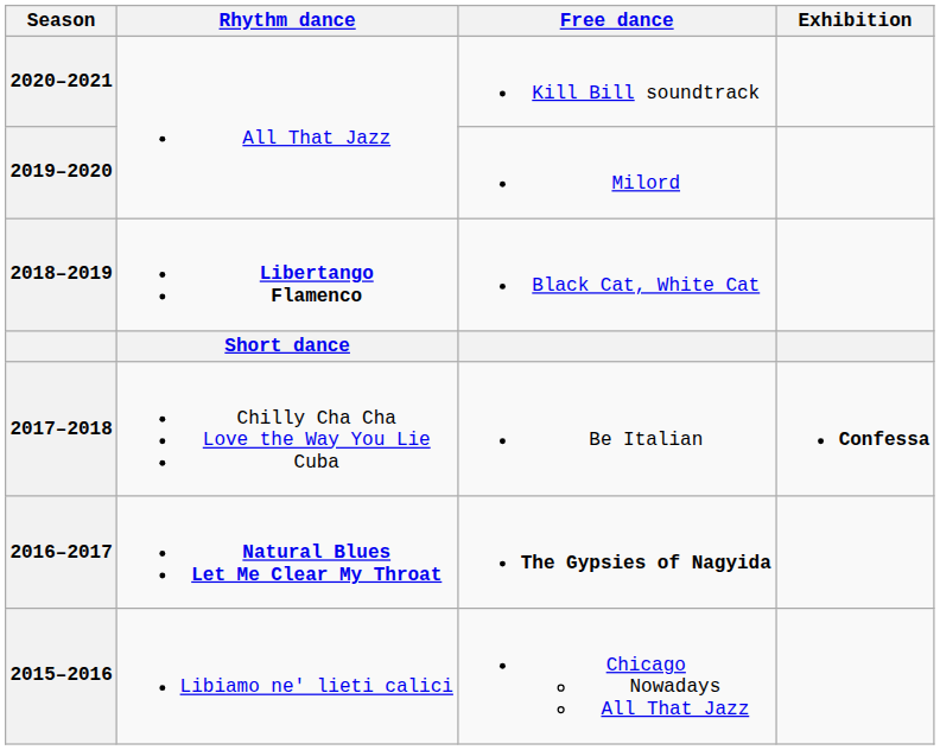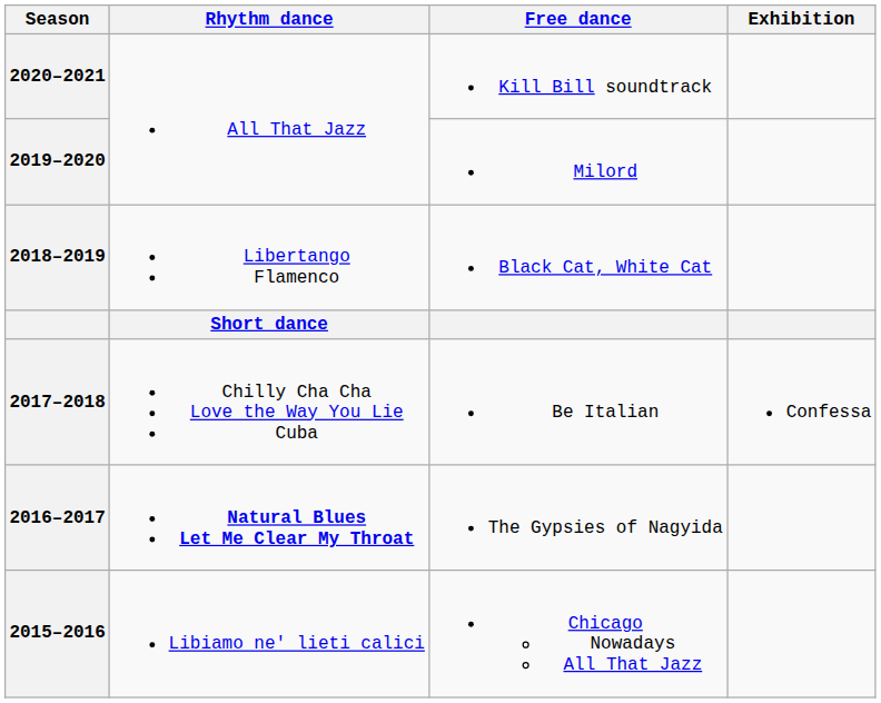 <table class=wikitable style=text-align:center>
 <tr>
 <th>Season</th>
 <th><a href='#'>Rhythm dance</a></th>
 <th><a href='#'>Free dance</a></th>
 <th>Exhibition</th>
 </tr>
 <tr>
 <th>2020–2021</th>
 <td rowspan=2><br><ul><li> <a href='#'>All That Jazz</a> <br></li></ul></td>
 <td><br><ul><li><a href='#'>Kill Bill</a> soundtrack</li></ul></td>
 <td></td>
 </tr>
 <tr>
 <th>2019–2020 <br> </th>
 <td><br><ul><li><a href='#'>Milord</a> <br></li></ul></td>
 <td></td>
 </tr>
 <tr>
 <th>2018–2019 <br> </th>
-<td><strong><br><ul><li> <a href='#'>Libertango</a> <br></li><li> Flamenco <br></li></ul></strong></td>
+<td><br><ul><li> <a href='#'>Libertango</a> <br></li><li> Flamenco <br></li></ul></td>
 <td><br><ul><li><a href='#'>Black Cat, White Cat</a> <br></li></ul></td>
 <td></td>
 </tr>
 <tr>
 <th></th>
 <th><a href='#'>Short dance</a></th>
 <th></th>
 <th></th>
 </tr>
 <tr>
 <th>2017–2018 <br> </th>
 <td><br><ul><li> Chilly Cha Cha</li><li> <a href='#'>Love the Way You Lie</a></li><li> Cuba</li></ul></td>
 <td><br><ul><li>Be Italian <br></li></ul></td>
-<td><strong><br><ul><li>Confessa <br></li></ul></strong></td>
+<td><br><ul><li>Confessa <br></li></ul></td>
 </tr>
 <tr>
 <th>2016–2017 <br> </th>
 <td><strong><br><ul><li> <a href='#'>Natural Blues</a> <br></li><li> <a href='#'>Let Me Clear My Throat</a> <br></li></ul></strong></td>
-<td><strong><br><ul><li>The Gypsies of Nagyida <br></li></ul></strong></td>
+<td><br><ul><li>The Gypsies of Nagyida <br></li></ul></td>
 <td></td>
 </tr>
 <tr>
 <th>2015–2016</th>
 <td><br><ul><li> <a href='#'>Libiamo ne' lieti calici</a> <br> </li></ul></td>
 <td><br><ul><li><a href='#'>Chicago</a> <br><ul><li>Nowadays</li><li><a href='#'>All That Jazz</a></li></ul></li></ul></td>
 </tr>
 </table>
